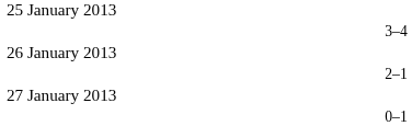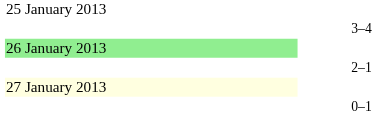 <table style="width:70%;" cellspacing="1">
 <tr>
 <th width=35%></th>
 <th width=15%></th>
 <th></th>
 </tr>
 <tr>
 <td>25 January 2013</td>
 </tr>
 <tr style=font-size:90%>
 <td align=right><strong></strong></td>
 <td align=center>3–4</td>
 <td><strong></strong></td>
 </tr>
 <tr>
-<td>26 January 2013</td>
+<td style="background: lightgreen;">26 January 2013</td>
 </tr>
 <tr style=font-size:90%>
 <td align=right><strong></strong></td>
 <td align=center>2–1</td>
 <td><strong></strong></td>
 </tr>
 <tr>
-<td>27 January 2013</td>
+<td style="background: lightyellow;">27 January 2013</td>
 </tr>
 <tr style=font-size:90%>
 <td align=right><strong></strong></td>
 <td align=center>0–1</td>
 <td><strong></strong></td>
 </tr>
 </table>
